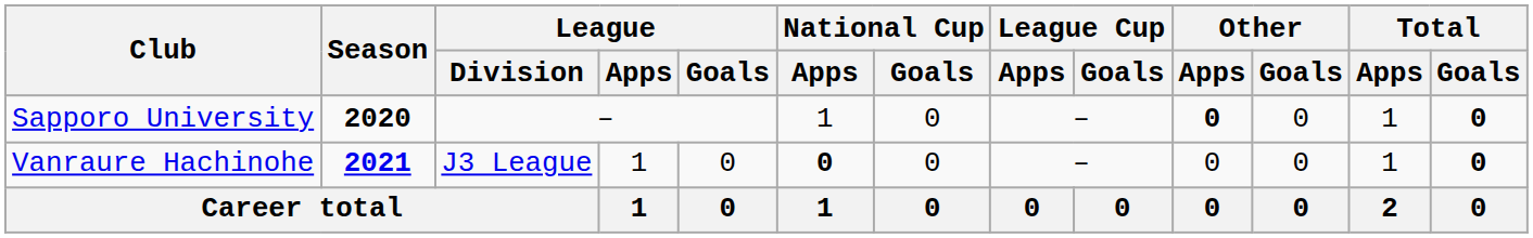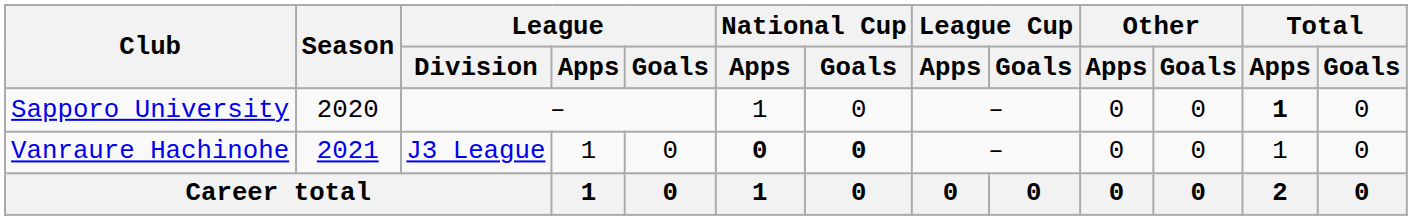 <table class="wikitable" style="text-align: center">
 <tr>
 <th rowspan="2">Club</th>
 <th rowspan="2">Season</th>
 <th colspan="3">League</th>
 <th colspan="2">National Cup</th>
 <th colspan="2">League Cup</th>
 <th colspan="2">Other</th>
 <th colspan="2">Total</th>
 </tr>
 <tr>
 <th>Division</th>
 <th>Apps</th>
 <th>Goals</th>
 <th>Apps</th>
 <th>Goals</th>
 <th>Apps</th>
 <th>Goals</th>
 <th>Apps</th>
 <th>Goals</th>
 <th>Apps</th>
 <th>Goals</th>
 </tr>
 <tr>
 <td><a href='#'>Sapporo University</a></td>
-<td><strong>2020</strong></td>
+<td>2020</td>
 <td colspan="3">–</td>
 <td>1</td>
 <td>0</td>
 <td colspan="2">–</td>
-<td><strong>0</strong></td>
 <td>0</td>
-<td>1</td>
-<td><strong>0</strong></td>
+<td>0</td>
+<td><strong>1</strong></td>
+<td>0</td>
 </tr>
 <tr>
 <td><a href='#'>Vanraure Hachinohe</a></td>
-<td><strong><a href='#'>2021</a></strong></td>
+<td><a href='#'>2021</a></td>
 <td><a href='#'>J3 League</a></td>
 <td>1</td>
 <td>0</td>
 <td><strong>0</strong></td>
-<td>0</td>
+<td><strong>0</strong></td>
 <td colspan="2">–</td>
 <td>0</td>
 <td>0</td>
 <td>1</td>
-<td><strong>0</strong></td>
+<td>0</td>
 </tr>
 <tr>
 <th colspan=3>Career total</th>
 <th>1</th>
 <th>0</th>
 <th>1</th>
 <th>0</th>
 <th>0</th>
 <th>0</th>
 <th>0</th>
 <th>0</th>
 <th>2</th>
 <th>0</th>
 </tr>
 </table>
